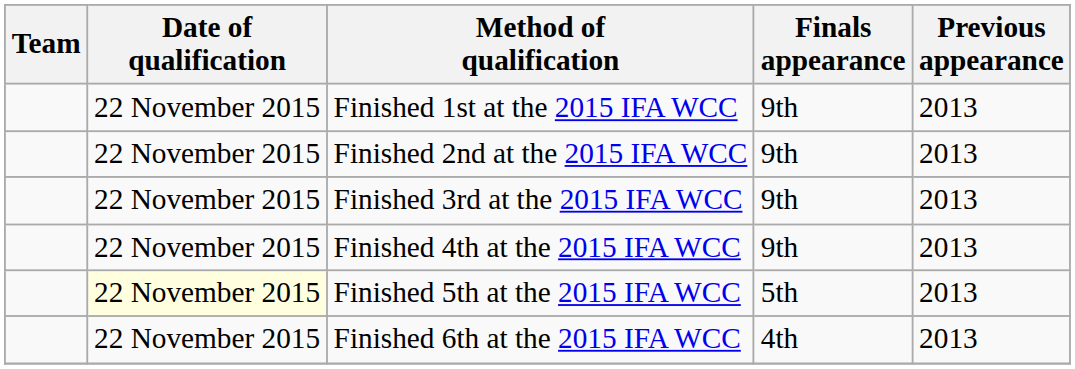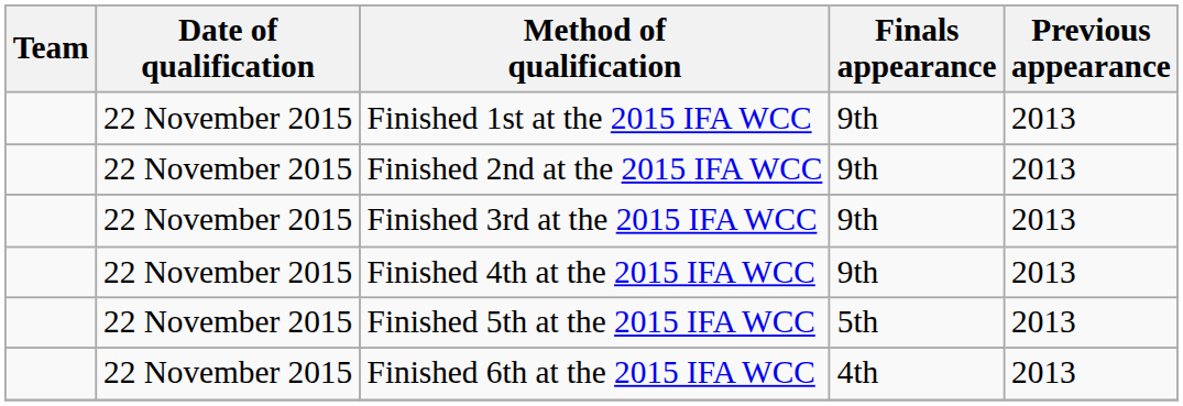 <table class="wikitable sortable" style="text-align: left;">
 <tr>
 <th>Team</th>
 <th>Date of<br>qualification</th>
 <th>Method of<br>qualification</th>
 <th>Finals<br>appearance</th>
 <th>Previous<br>appearance</th>
 </tr>
 <tr>
 <td></td>
 <td data-sort-value="0">22 November 2015</td>
 <td>Finished 1st at the <a href='#'>2015 IFA WCC</a></td>
 <td>9th</td>
 <td data-sort-value="2017">2013</td>
 </tr>
 <tr>
 <td></td>
 <td data-sort-value="0">22 November 2015</td>
 <td>Finished 2nd at the <a href='#'>2015 IFA WCC</a></td>
 <td>9th</td>
 <td data-sort-value="2017">2013</td>
 </tr>
 <tr>
 <td></td>
 <td data-sort-value="0">22 November 2015</td>
 <td>Finished 3rd at the <a href='#'>2015 IFA WCC</a></td>
 <td>9th</td>
 <td data-sort-value="2017">2013</td>
 </tr>
 <tr>
 <td></td>
 <td data-sort-value="0">22 November 2015</td>
 <td>Finished 4th at the <a href='#'>2015 IFA WCC</a></td>
 <td>9th</td>
 <td data-sort-value="2017">2013</td>
 </tr>
 <tr>
 <td></td>
-<td data-sort-value="0" style="background: lightyellow;">22 November 2015</td>
+<td data-sort-value="0">22 November 2015</td>
 <td>Finished 5th at the <a href='#'>2015 IFA WCC</a></td>
 <td>5th</td>
 <td data-sort-value="2017">2013</td>
 </tr>
 <tr>
 <td></td>
 <td data-sort-value="0">22 November 2015</td>
 <td>Finished 6th at the <a href='#'>2015 IFA WCC</a></td>
 <td>4th</td>
 <td data-sort-value="2017">2013</td>
 </tr>
 <tr>
 </tr>
 </table>
